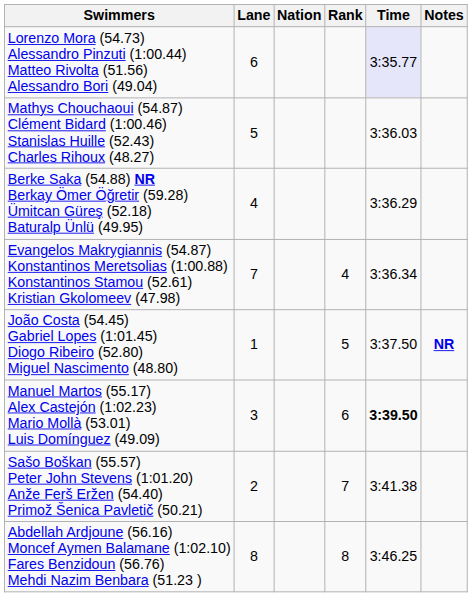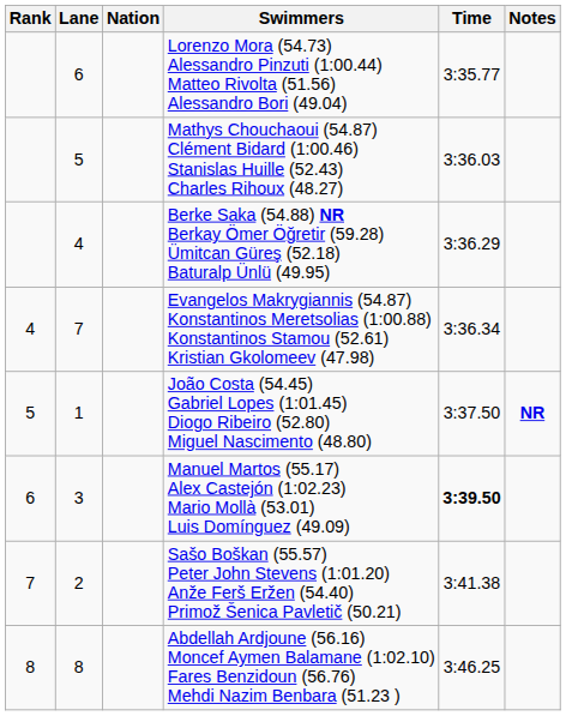 <table class="wikitable sortable" style="text-align:center">
 <tr>
-<th>Swimmers</th>
+<th>Rank</th>
 <th>Lane</th>
 <th>Nation</th>
-<th>Rank</th>
+<th>Swimmers</th>
 <th>Time</th>
 <th>Notes</th>
 </tr>
 <tr>
-<td align=left><a href='#'>Lorenzo Mora</a> (54.73)<br><a href='#'>Alessandro Pinzuti</a> (1:00.44)<br><a href='#'>Matteo Rivolta</a> (51.56)<br><a href='#'>Alessandro Bori</a> (49.04)</td>
+<td></td>
 <td>6</td>
 <td align=left></td>
-<td></td>
-<td style="background: lavender;">3:35.77</td>
+<td align=left><a href='#'>Lorenzo Mora</a> (54.73)<br><a href='#'>Alessandro Pinzuti</a> (1:00.44)<br><a href='#'>Matteo Rivolta</a> (51.56)<br><a href='#'>Alessandro Bori</a> (49.04)</td>
+<td>3:35.77</td>
 <td></td>
 </tr>
 <tr>
-<td align=left><a href='#'>Mathys Chouchaoui</a> (54.87)<br><a href='#'>Clément Bidard</a> (1:00.46)<br><a href='#'>Stanislas Huille</a> (52.43)<br><a href='#'>Charles Rihoux</a> (48.27)</td>
+<td></td>
 <td>5</td>
 <td align=left></td>
-<td></td>
+<td align=left><a href='#'>Mathys Chouchaoui</a> (54.87)<br><a href='#'>Clément Bidard</a> (1:00.46)<br><a href='#'>Stanislas Huille</a> (52.43)<br><a href='#'>Charles Rihoux</a> (48.27)</td>
 <td>3:36.03</td>
 <td></td>
 </tr>
 <tr>
-<td align=left><a href='#'>Berke Saka</a> (54.88) <strong><a href='#'>NR</a></strong><br><a href='#'>Berkay Ömer Öğretir</a> (59.28)<br><a href='#'>Ümitcan Güreş</a> (52.18)<br><a href='#'>Baturalp Ünlü</a> (49.95)</td>
+<td></td>
 <td>4</td>
 <td align=left></td>
-<td></td>
+<td align=left><a href='#'>Berke Saka</a> (54.88) <strong><a href='#'>NR</a></strong><br><a href='#'>Berkay Ömer Öğretir</a> (59.28)<br><a href='#'>Ümitcan Güreş</a> (52.18)<br><a href='#'>Baturalp Ünlü</a> (49.95)</td>
 <td>3:36.29</td>
 <td></td>
 </tr>
 <tr>
-<td align=left><a href='#'>Evangelos Makrygiannis</a> (54.87)<br><a href='#'>Konstantinos Meretsolias</a> (1:00.88)<br><a href='#'>Konstantinos Stamou</a> (52.61)<br><a href='#'>Kristian Gkolomeev</a> (47.98)</td>
+<td>4</td>
 <td>7</td>
 <td align=left></td>
-<td>4</td>
+<td align=left><a href='#'>Evangelos Makrygiannis</a> (54.87)<br><a href='#'>Konstantinos Meretsolias</a> (1:00.88)<br><a href='#'>Konstantinos Stamou</a> (52.61)<br><a href='#'>Kristian Gkolomeev</a> (47.98)</td>
 <td>3:36.34</td>
 <td></td>
 </tr>
 <tr>
-<td align=left><a href='#'>João Costa</a> (54.45)<br><a href='#'>Gabriel Lopes</a> (1:01.45)<br><a href='#'>Diogo Ribeiro</a> (52.80)<br><a href='#'>Miguel Nascimento</a> (48.80)</td>
+<td>5</td>
 <td>1</td>
 <td align=left></td>
-<td>5</td>
+<td align=left><a href='#'>João Costa</a> (54.45)<br><a href='#'>Gabriel Lopes</a> (1:01.45)<br><a href='#'>Diogo Ribeiro</a> (52.80)<br><a href='#'>Miguel Nascimento</a> (48.80)</td>
 <td>3:37.50</td>
 <td><strong><a href='#'>NR</a></strong></td>
 </tr>
 <tr>
-<td align=left><a href='#'>Manuel Martos</a> (55.17)<br><a href='#'>Alex Castejón</a> (1:02.23)<br><a href='#'>Mario Mollà</a> (53.01)<br><a href='#'>Luis Domínguez</a> (49.09)</td>
+<td>6</td>
 <td>3</td>
 <td align=left></td>
-<td>6</td>
+<td align=left><a href='#'>Manuel Martos</a> (55.17)<br><a href='#'>Alex Castejón</a> (1:02.23)<br><a href='#'>Mario Mollà</a> (53.01)<br><a href='#'>Luis Domínguez</a> (49.09)</td>
 <td><strong>3:39.50</strong></td>
 <td></td>
 </tr>
 <tr>
-<td align=left><a href='#'>Sašo Boškan</a> (55.57)<br><a href='#'>Peter John Stevens</a> (1:01.20)<br><a href='#'>Anže Ferš Eržen</a> (54.40)<br><a href='#'>Primož Šenica Pavletič</a> (50.21)</td>
+<td>7</td>
 <td>2</td>
 <td align=left></td>
-<td>7</td>
+<td align=left><a href='#'>Sašo Boškan</a> (55.57)<br><a href='#'>Peter John Stevens</a> (1:01.20)<br><a href='#'>Anže Ferš Eržen</a> (54.40)<br><a href='#'>Primož Šenica Pavletič</a> (50.21)</td>
 <td>3:41.38</td>
 <td></td>
 </tr>
 <tr>
-<td align=left><a href='#'>Abdellah Ardjoune</a> (56.16)<br><a href='#'>Moncef Aymen Balamane</a> (1:02.10)<br><a href='#'>Fares Benzidoun</a> (56.76)<br><a href='#'>Mehdi Nazim Benbara</a> (51.23 )</td>
+<td>8</td>
 <td>8</td>
 <td align=left></td>
-<td>8</td>
+<td align=left><a href='#'>Abdellah Ardjoune</a> (56.16)<br><a href='#'>Moncef Aymen Balamane</a> (1:02.10)<br><a href='#'>Fares Benzidoun</a> (56.76)<br><a href='#'>Mehdi Nazim Benbara</a> (51.23 )</td>
 <td>3:46.25</td>
 <td></td>
 </tr>
 </table>
